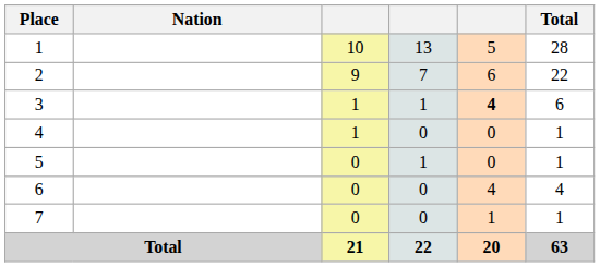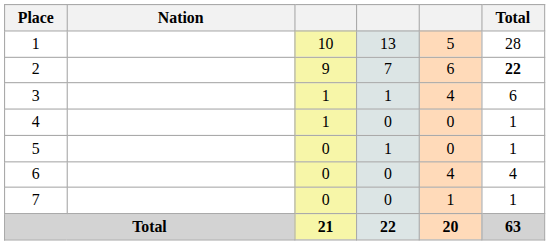 <table class=wikitable style="border:1px solid #AAAAAA;font-size:90%">
 <tr bgcolor="#EFEFEF">
 <th width=50>Place</th>
 <th width=200>Nation</th>
 <th width=50></th>
 <th width=50></th>
 <th width=50></th>
 <th width=50>Total</th>
 </tr>
 <tr align="center" valign="top" bgcolor="#FFFFFF">
 <td>1</td>
 <td align="left"></td>
 <td style="background:#F7F6A8;">10</td>
 <td style="background:#DCE5E5;">13</td>
 <td style="background:#FFDAB9;">5</td>
 <td>28</td>
 </tr>
 <tr align="center" valign="top" bgcolor="#FFFFFF">
 <td>2</td>
 <td align="left"></td>
 <td style="background:#F7F6A8;">9</td>
 <td style="background:#DCE5E5;">7</td>
 <td style="background:#FFDAB9;">6</td>
-<td>22</td>
+<td><strong>22</strong></td>
 </tr>
 <tr align="center" valign="top" bgcolor="#FFFFFF">
 <td>3</td>
 <td align="left"></td>
 <td style="background:#F7F6A8;">1</td>
 <td style="background:#DCE5E5;">1</td>
-<td style="background:#FFDAB9;"><strong>4</strong></td>
+<td style="background:#FFDAB9;">4</td>
 <td>6</td>
 </tr>
 <tr align="center" valign="top" bgcolor="#FFFFFF">
 <td>4</td>
 <td align="left"></td>
 <td style="background:#F7F6A8;">1</td>
 <td style="background:#DCE5E5;">0</td>
 <td style="background:#FFDAB9;">0</td>
 <td>1</td>
 </tr>
 <tr align="center" valign="top" bgcolor="#FFFFFF">
 <td>5</td>
 <td align="left"></td>
 <td style="background:#F7F6A8;">0</td>
 <td style="background:#DCE5E5;">1</td>
 <td style="background:#FFDAB9;">0</td>
 <td>1</td>
 </tr>
 <tr align="center" valign="top" bgcolor="#FFFFFF">
 <td>6</td>
 <td align="left"></td>
 <td style="background:#F7F6A8;">0</td>
 <td style="background:#DCE5E5;">0</td>
 <td style="background:#FFDAB9;">4</td>
 <td>4</td>
 </tr>
 <tr align="center" valign="top" bgcolor="#FFFFFF">
 <td>7</td>
 <td align="left"></td>
 <td style="background:#F7F6A8;">0</td>
 <td style="background:#DCE5E5;">0</td>
 <td style="background:#FFDAB9;">1</td>
 <td>1</td>
 </tr>
 <tr align="center">
 <td colspan="2" bgcolor=D3D3D3><strong>Total</strong></td>
 <td style="background:#F7F6A8;"><strong>21</strong></td>
 <td style="background:#DCE5E5;"><strong>22</strong></td>
 <td style="background:#FFDAB9;"><strong>20</strong></td>
 <td bgcolor=D3D3D3><strong>63</strong></td>
 </tr>
 </table>
